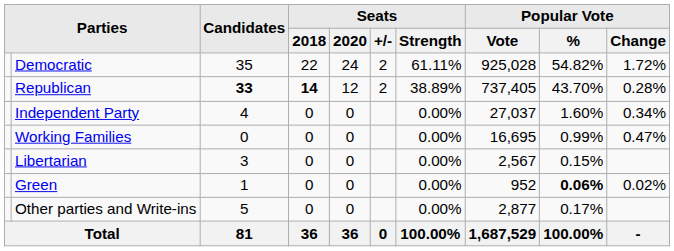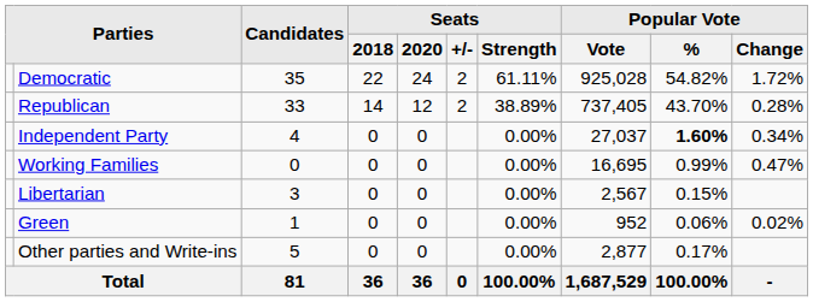 <table class=wikitable>
 <tr>
 <th style="background-color:#E9E9E9" align=center rowspan= 2 colspan=2>Parties</th>
 <th style="background-color:#E9E9E9" align=center rowspan= 2>Candidates</th>
 <th style="background-color:#E9E9E9" align=center colspan=4>Seats</th>
 <th style="background-color:#E9E9E9" align=center colspan=3>Popular Vote</th>
 </tr>
 <tr>
 <th align=center>2018</th>
 <th align=center>2020</th>
 <th align=center>+/-</th>
 <th align=center>Strength</th>
 <th align=center>Vote</th>
 <th align=center>%</th>
 <th align=center>Change</th>
 </tr>
 <tr>
 <td></td>
 <td align=left><a href='#'>Democratic</a></td>
 <td align=center>35</td>
 <td align=center >22</td>
 <td align=center >24</td>
 <td align=center> 2</td>
 <td align=right >61.11%</td>
 <td align=right >925,028</td>
 <td align=right >54.82%</td>
 <td align=right> 1.72%</td>
 </tr>
 <tr>
 <td></td>
 <td align=left><a href='#'>Republican</a></td>
-<td align=center><strong>33</strong></td>
-<td align=center><strong>14</strong></td>
+<td align=center>33</td>
+<td align=center>14</td>
 <td align=center>12</td>
 <td align=center> 2</td>
 <td align=right>38.89%</td>
 <td align=right>737,405</td>
 <td align=right>43.70%</td>
 <td align=right> 0.28%</td>
 </tr>
 <tr>
 <td></td>
 <td><a href='#'>Independent Party</a></td>
 <td align=center>4</td>
 <td align=center>0</td>
 <td align=center>0</td>
 <td align=center><br></td>
 <td align=right>0.00%</td>
 <td align=right>27,037</td>
-<td align=right>1.60%</td>
+<td align=right><strong>1.60%</strong></td>
 <td align=right> 0.34%</td>
 </tr>
 <tr>
 <td></td>
 <td align=left><a href='#'>Working Families</a></td>
 <td align=center>0</td>
 <td align=center>0</td>
 <td align=center>0</td>
 <td align=center><br></td>
 <td align=right>0.00%</td>
 <td align=right>16,695</td>
 <td align=right>0.99%</td>
 <td align=right> 0.47%</td>
 </tr>
 <tr>
 <td></td>
 <td align=left><a href='#'>Libertarian</a></td>
 <td align=center>3</td>
 <td align=center>0</td>
 <td align=center>0</td>
 <td align=center><br></td>
 <td align=right>0.00%</td>
 <td align=right>2,567</td>
 <td align=right>0.15%</td>
 <td align=right></td>
 </tr>
 <tr>
 <td></td>
 <td align=left><a href='#'>Green</a></td>
 <td align=center>1</td>
 <td align=center>0</td>
 <td align=center>0</td>
 <td align=center><br></td>
 <td align=right>0.00%</td>
 <td align=right>952</td>
-<td align=right><strong>0.06%</strong></td>
+<td align=right>0.06%</td>
 <td align=right> 0.02%</td>
 </tr>
 <tr>
 <td></td>
 <td align=left>Other parties and Write-ins</td>
 <td align=center>5</td>
 <td align=center>0</td>
 <td align=center>0</td>
 <td align=center><br></td>
 <td align=right>0.00%</td>
 <td align=right>2,877</td>
 <td align=right>0.17%</td>
 <td align=right></td>
 </tr>
 <tr>
 <th align=center colspan="2">Total</th>
 <th align=center>81</th>
 <th align=center>36</th>
 <th align=center>36</th>
 <th align=center>0</th>
 <th align=center>100.00%</th>
 <th align=center>1,687,529</th>
 <th align=center>100.00%</th>
 <th align=center>-</th>
 </tr>
 </table>
